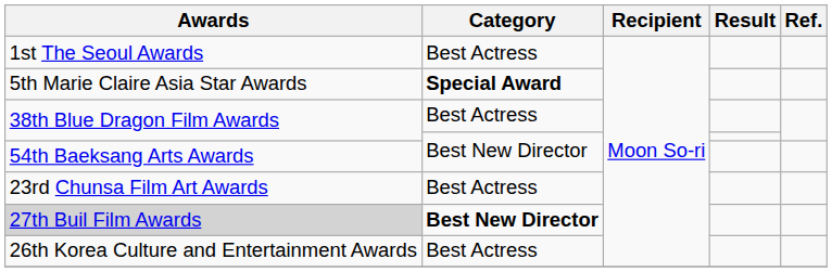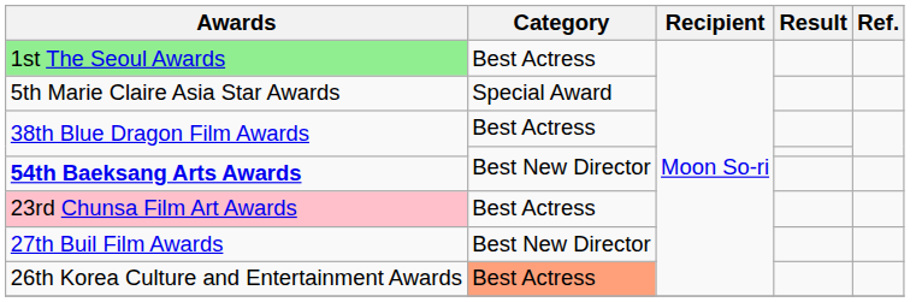 <table class="wikitable sortable">
 <tr>
 <th>Awards</th>
 <th>Category</th>
 <th>Recipient</th>
 <th>Result</th>
 <th>Ref.</th>
 </tr>
 <tr>
-<td>1st <a href='#'>The Seoul Awards</a></td>
+<td style="background: lightgreen;">1st <a href='#'>The Seoul Awards</a></td>
 <td>Best Actress</td>
 <td rowspan=8><a href='#'>Moon So-ri</a></td>
 <td></td>
 <td></td>
 </tr>
 <tr>
 <td>5th Marie Claire Asia Star Awards</td>
-<td><strong>Special Award</strong></td>
+<td>Special Award</td>
 <td></td>
 <td></td>
 </tr>
 <tr>
 <td rowspan=2><a href='#'>38th Blue Dragon Film Awards</a></td>
 <td>Best Actress</td>
 <td></td>
 <td rowspan=2></td>
 </tr>
 <tr>
 <td rowspan=2>Best New Director</td>
 <td></td>
 </tr>
 <tr>
-<td><a href='#'>54th Baeksang Arts Awards</a></td>
+<td><strong><a href='#'>54th Baeksang Arts Awards</a></strong></td>
 <td></td>
 <td></td>
 </tr>
 <tr>
-<td>23rd <a href='#'>Chunsa Film Art Awards</a></td>
+<td style="background: pink;">23rd <a href='#'>Chunsa Film Art Awards</a></td>
 <td>Best Actress</td>
 <td></td>
 <td></td>
 </tr>
 <tr>
-<td style="background: lightgrey;"><a href='#'>27th Buil Film Awards</a></td>
-<td><strong>Best New Director</strong></td>
+<td><a href='#'>27th Buil Film Awards</a></td>
+<td>Best New Director</td>
 <td></td>
 <td></td>
 </tr>
 <tr>
 <td>26th Korea Culture and Entertainment Awards</td>
-<td>Best Actress</td>
+<td style="background: lightsalmon;">Best Actress</td>
 <td></td>
 <td></td>
 </tr>
 <tr>
 </tr>
 </table>
